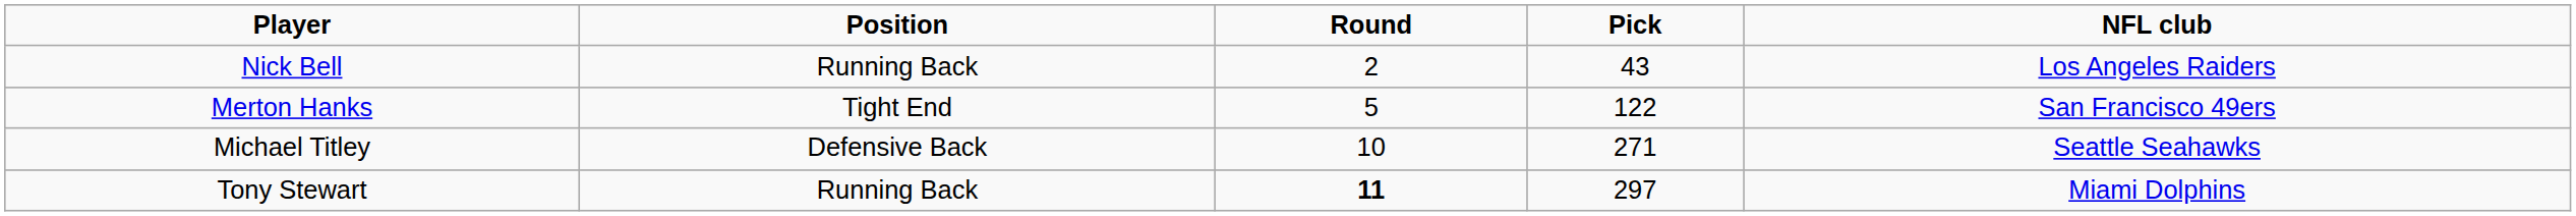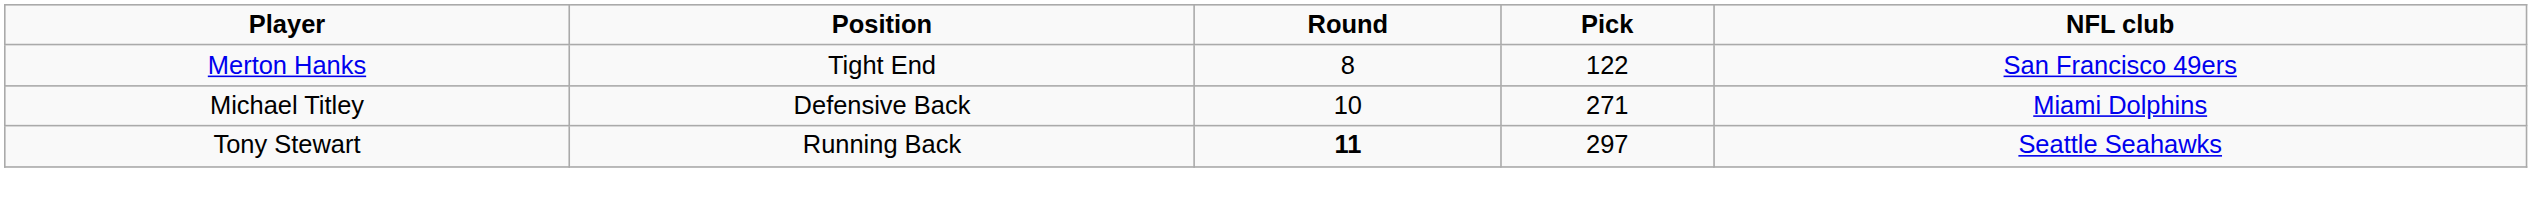 <table class="wikitable" width="80%">
 <tr align="center">
 <td><strong>Player</strong></td>
 <td><strong>Position</strong></td>
 <td><strong>Round</strong></td>
 <td><strong>Pick</strong></td>
 <td><strong>NFL club</strong></td>
 </tr>
 <tr style="text-align:center;" bgcolor="">
-<td><a href='#'>Nick Bell</a></td>
-<td>Running Back</td>
-<td>2</td>
-<td>43</td>
-<td><a href='#'>Los Angeles Raiders</a></td>
-</tr>
-<tr style="text-align:center;" bgcolor="">
 <td><a href='#'>Merton Hanks</a></td>
 <td>Tight End</td>
-<td>5</td>
+<td>8</td>
 <td>122</td>
 <td><a href='#'>San Francisco 49ers</a></td>
 </tr>
 <tr style="text-align:center;" bgcolor="">
 <td>Michael Titley</td>
 <td>Defensive Back</td>
 <td>10</td>
 <td>271</td>
-<td><a href='#'>Seattle Seahawks</a></td>
+<td><a href='#'>Miami Dolphins</a></td>
 </tr>
 <tr style="text-align:center;" bgcolor="">
 <td>Tony Stewart</td>
 <td>Running Back</td>
 <td><strong>11</strong></td>
 <td>297</td>
-<td><a href='#'>Miami Dolphins</a></td>
+<td><a href='#'>Seattle Seahawks</a></td>
 </tr>
 </table>
